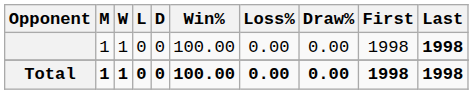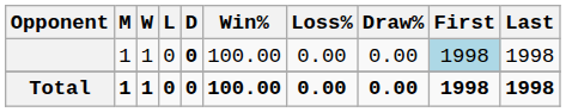 <table class="wikitable plainrowheaders sortable" style="text-align:center">
 <tr>
 <th scope="col">Opponent</th>
 <th scope="col">M</th>
 <th scope="col">W</th>
 <th scope="col">L</th>
 <th scope="col">D</th>
 <th scope="col">Win%</th>
 <th scope="col">Loss%</th>
 <th scope="col">Draw%</th>
 <th scope="col">First</th>
 <th scope="col">Last</th>
 </tr>
 <tr>
 <th scope="row"></th>
 <td>1</td>
 <td>1</td>
 <td>0</td>
-<td>0</td>
+<td><strong>0</strong></td>
 <td>100.00</td>
 <td>0.00</td>
 <td>0.00</td>
+<td style="background: lightblue;">1998</td>
 <td>1998</td>
-<td><strong>1998</strong></td>
 </tr>
 <tr>
 </tr>
 <tr class="sortbottom">
 <th scope="row" style="text-align:center"><strong>Total</strong></th>
 <td><strong>1</strong></td>
 <td><strong>1</strong></td>
 <td><strong>0</strong></td>
 <td><strong>0</strong></td>
 <td><strong>100.00</strong></td>
 <td><strong>0.00</strong></td>
 <td><strong>0.00</strong></td>
 <td><strong>1998</strong></td>
 <td><strong>1998</strong></td>
 </tr>
 </table>
